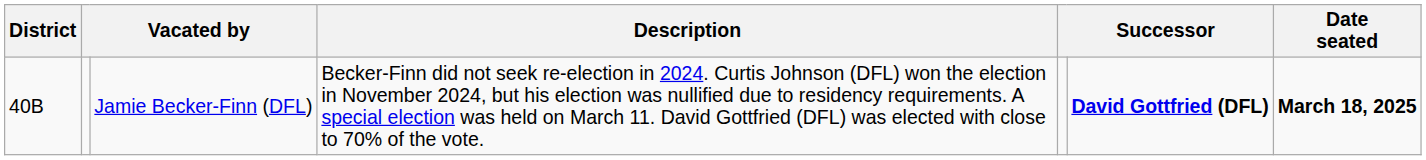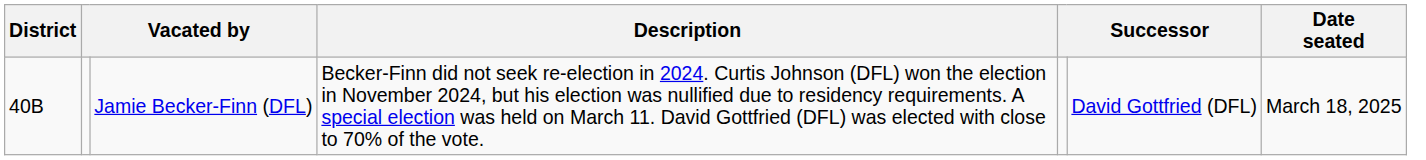 <table class="wikitable">
 <tr>
 <th>District</th>
 <th colspan="2">Vacated by</th>
 <th style="width:600px">Description</th>
 <th colspan="2">Successor</th>
 <th>Date <br>seated</th>
 </tr>
 <tr>
 <td>40B</td>
 <td style="background:"></td>
 <td><a href='#'>Jamie Becker-Finn</a> (<a href='#'>DFL</a>)<br></td>
 <td>Becker-Finn did not seek re-election in <a href='#'>2024</a>. Curtis Johnson (DFL) won the election in November 2024, but his election was nullified due to residency requirements. A <a href='#'>special election</a> was held on March 11. David Gottfried (DFL) was elected with close to 70% of the vote.</td>
 <td style="background:"></td>
-<td><strong><a href='#'>David Gottfried</a> (DFL)</strong></td>
-<td><strong>March 18, 2025</strong></td>
+<td><a href='#'>David Gottfried</a> (DFL)</td>
+<td>March 18, 2025</td>
 </tr>
 </table>
